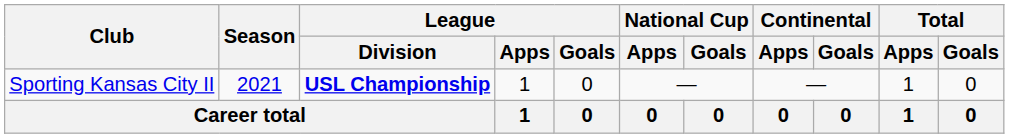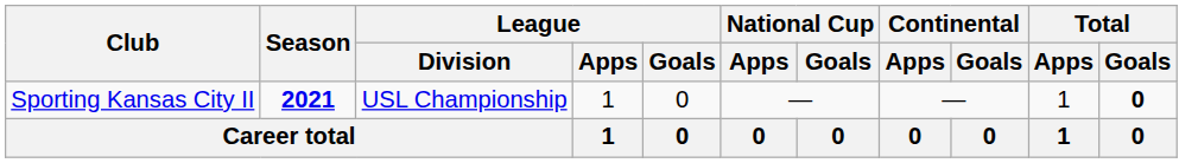 <table class=wikitable style=text-align:center>
 <tr>
 <th rowspan=2>Club</th>
 <th rowspan=2>Season</th>
 <th colspan=3>League</th>
 <th colspan=2>National Cup</th>
 <th colspan=2>Continental</th>
 <th colspan=2>Total</th>
 </tr>
 <tr>
 <th>Division</th>
 <th>Apps</th>
 <th>Goals</th>
 <th>Apps</th>
 <th>Goals</th>
 <th>Apps</th>
 <th>Goals</th>
 <th>Apps</th>
 <th>Goals</th>
 </tr>
 <tr>
 <td rowspan=1><a href='#'>Sporting Kansas City II</a></td>
-<td><a href='#'>2021</a></td>
-<td><strong><a href='#'>USL Championship</a></strong></td>
+<td><strong><a href='#'>2021</a></strong></td>
+<td><a href='#'>USL Championship</a></td>
 <td>1</td>
 <td>0</td>
 <td colspan=2>—</td>
 <td colspan=2>—</td>
 <td>1</td>
-<td>0</td>
+<td><strong>0</strong></td>
 </tr>
 <tr>
 <th colspan=3>Career total</th>
 <th>1</th>
 <th>0</th>
 <th>0</th>
 <th>0</th>
 <th>0</th>
 <th>0</th>
 <th>1</th>
 <th>0</th>
 </tr>
 </table>
